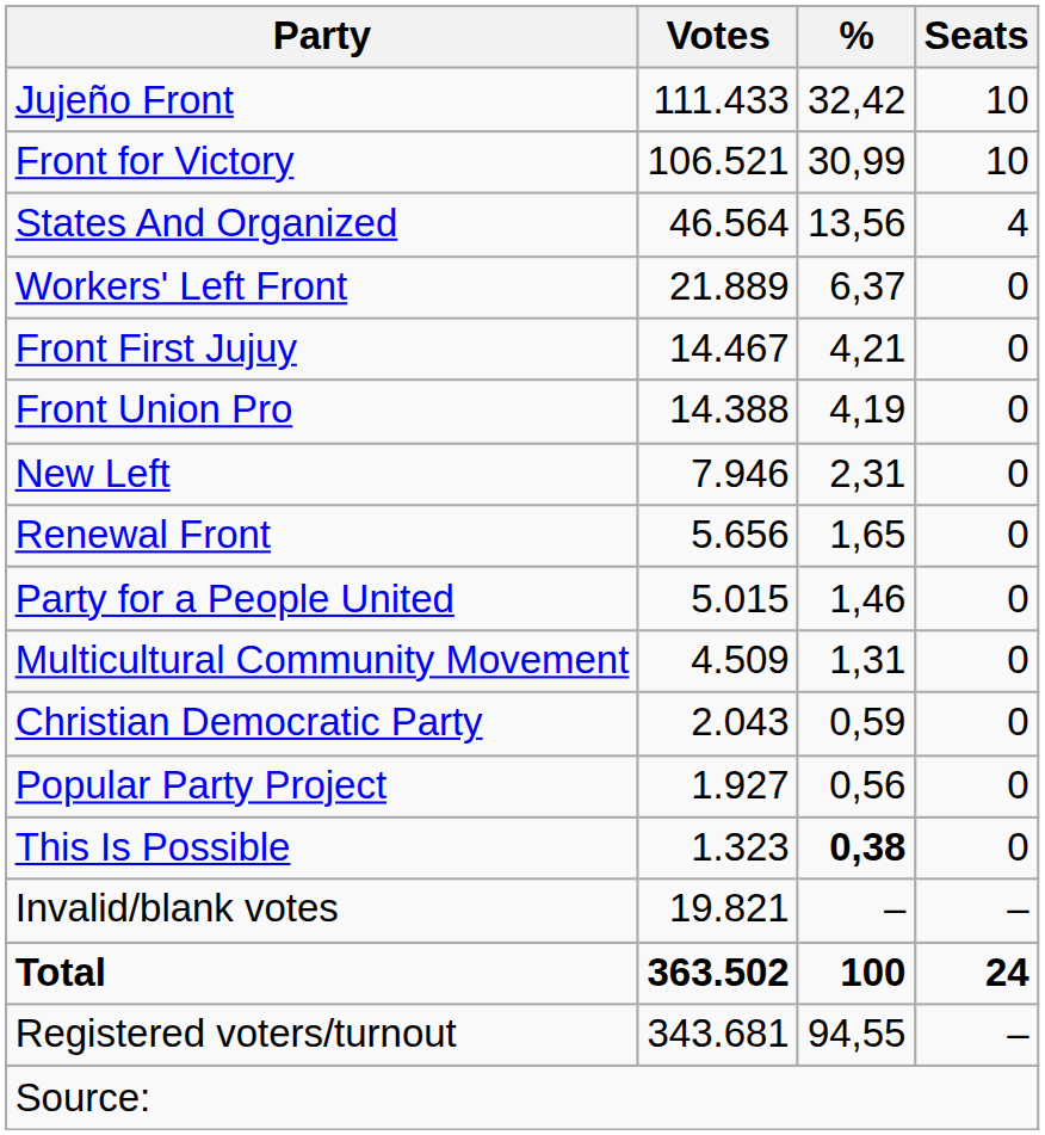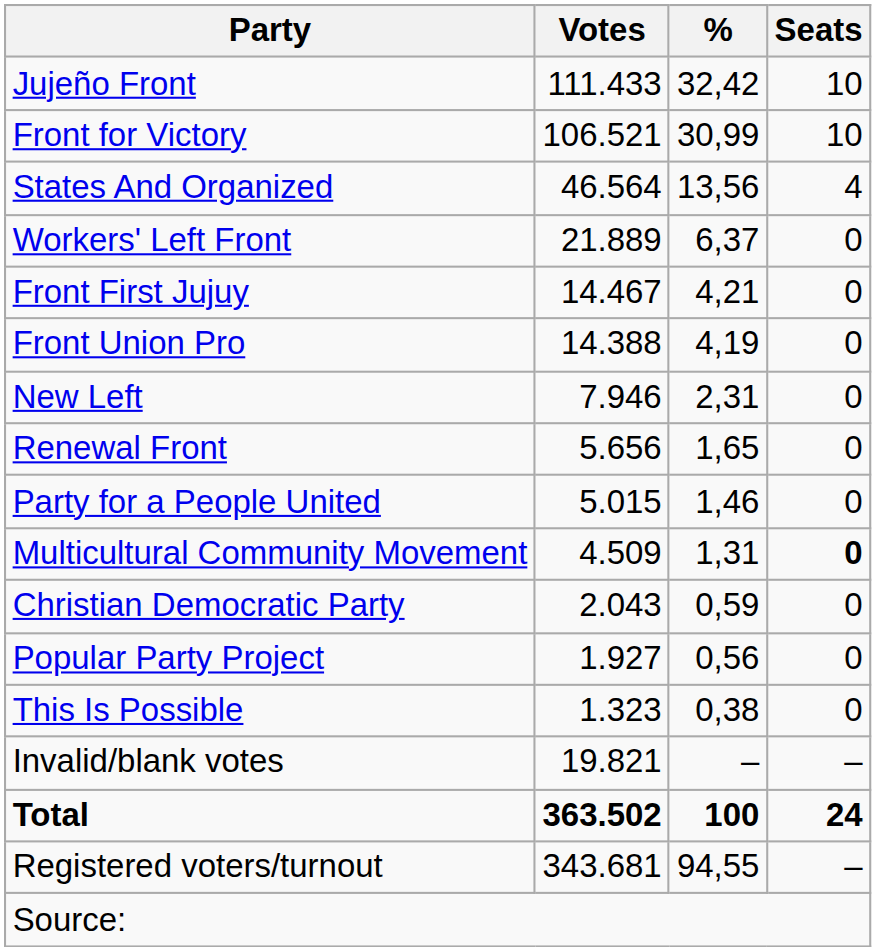 <table class=wikitable style=text-align:right>
 <tr>
 <th>Party</th>
 <th>Votes</th>
 <th>%</th>
 <th>Seats</th>
 </tr>
 <tr>
 <td align=left><a href='#'>Jujeño Front</a></td>
 <td>111.433</td>
 <td>32,42</td>
 <td>10</td>
 </tr>
 <tr>
 <td align=left><a href='#'>Front for Victory</a></td>
 <td>106.521</td>
 <td>30,99</td>
 <td>10</td>
 </tr>
 <tr>
 <td align=left><a href='#'>States And Organized</a></td>
 <td>46.564</td>
 <td>13,56</td>
 <td>4</td>
 </tr>
 <tr>
 <td align=left><a href='#'>Workers' Left Front</a></td>
 <td>21.889</td>
 <td>6,37</td>
 <td>0</td>
 </tr>
 <tr>
 <td align=left><a href='#'>Front First Jujuy</a></td>
 <td>14.467</td>
 <td>4,21</td>
 <td>0</td>
 </tr>
 <tr>
 <td align=left><a href='#'>Front Union Pro</a></td>
 <td>14.388</td>
 <td>4,19</td>
 <td>0</td>
 </tr>
 <tr>
 <td align=left><a href='#'>New Left</a></td>
 <td>7.946</td>
 <td>2,31</td>
 <td>0</td>
 </tr>
 <tr>
 <td align=left><a href='#'>Renewal Front</a></td>
 <td>5.656</td>
 <td>1,65</td>
 <td>0</td>
 </tr>
 <tr>
 <td align=left><a href='#'>Party for a People United</a></td>
 <td>5.015</td>
 <td>1,46</td>
 <td>0</td>
 </tr>
 <tr>
 <td align=left><a href='#'>Multicultural Community Movement</a></td>
 <td>4.509</td>
 <td>1,31</td>
-<td>0</td>
+<td><strong>0</strong></td>
 </tr>
 <tr>
 <td align=left><a href='#'>Christian Democratic Party</a></td>
 <td>2.043</td>
 <td>0,59</td>
 <td>0</td>
 </tr>
 <tr>
 <td align=left><a href='#'>Popular Party Project</a></td>
 <td>1.927</td>
 <td>0,56</td>
 <td>0</td>
 </tr>
 <tr>
 <td align=left><a href='#'>This Is Possible</a></td>
 <td>1.323</td>
-<td><strong>0,38</strong></td>
+<td>0,38</td>
 <td>0</td>
 </tr>
 <tr>
 <td align=left>Invalid/blank votes</td>
 <td>19.821</td>
 <td>–</td>
 <td>–</td>
 </tr>
 <tr>
 <td align=left><strong>Total</strong></td>
 <td><strong>363.502</strong></td>
 <td><strong>100</strong></td>
 <td><strong>24</strong></td>
 </tr>
 <tr>
 <td align=left>Registered voters/turnout</td>
 <td>343.681</td>
 <td>94,55</td>
 <td>–</td>
 </tr>
 <tr>
 <td align=left colspan=5>Source: </td>
 </tr>
 </table>
